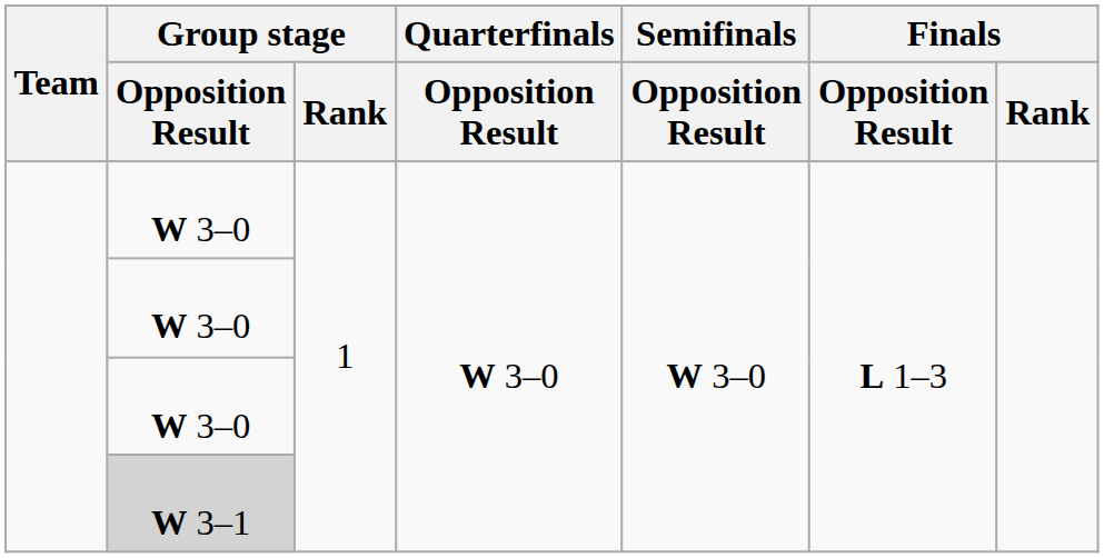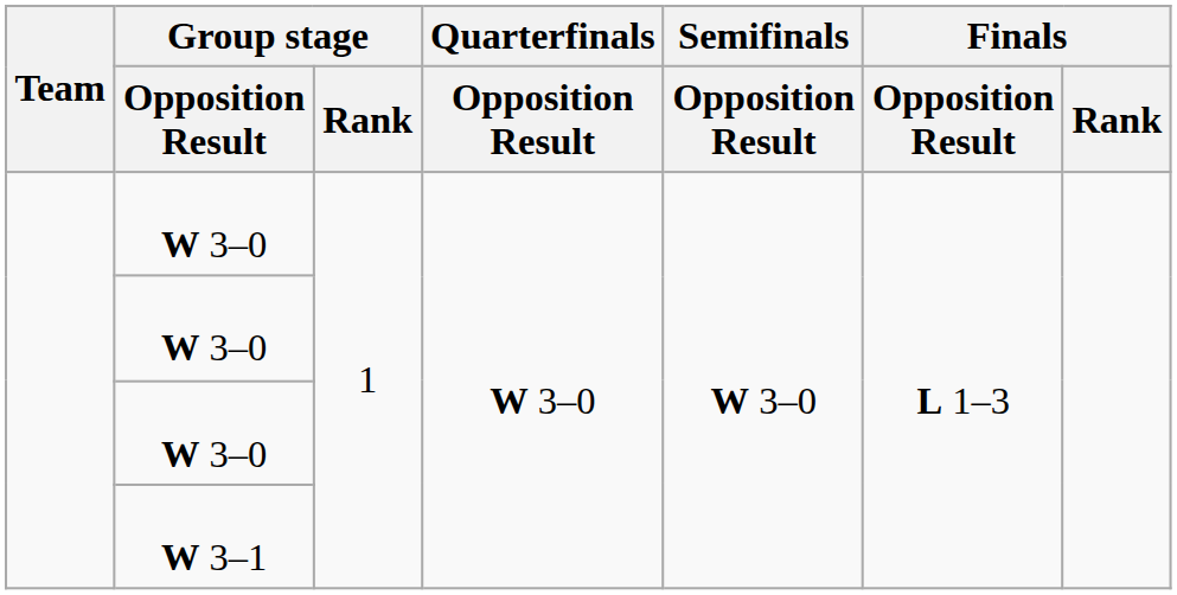 <table class=wikitable>
 <tr>
 <th rowspan="2">Team</th>
 <th colspan="2">Group stage</th>
 <th>Quarterfinals</th>
 <th>Semifinals</th>
 <th colspan="2">Finals</th>
 </tr>
 <tr>
 <th>Opposition<br>Result</th>
 <th>Rank</th>
 <th>Opposition<br>Result</th>
 <th>Opposition<br>Result</th>
 <th>Opposition<br>Result</th>
 <th>Rank</th>
 </tr>
 <tr>
 <td rowspan="4"></td>
 <td align="center"><br><strong>W</strong> 3–0</td>
 <td align="center" rowspan="4">1</td>
 <td align="center" rowspan="4"><br><strong>W</strong> 3–0</td>
 <td align="center" rowspan="4"><br><strong>W</strong> 3–0</td>
 <td align="center" rowspan="4"><br><strong>L</strong> 1–3</td>
 <td align="center" rowspan="4"></td>
 </tr>
 <tr>
 <td align="center"><br><strong>W</strong> 3–0</td>
 </tr>
 <tr>
 <td align="center"><br><strong>W</strong> 3–0</td>
 </tr>
 <tr>
-<td align="center" style="background: lightgrey;"><br><strong>W</strong> 3–1</td>
+<td align="center"><br><strong>W</strong> 3–1</td>
 </tr>
 </table>
